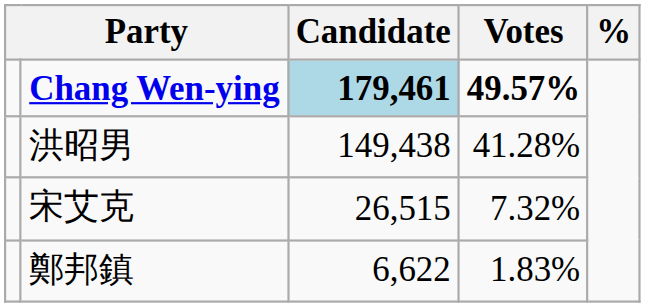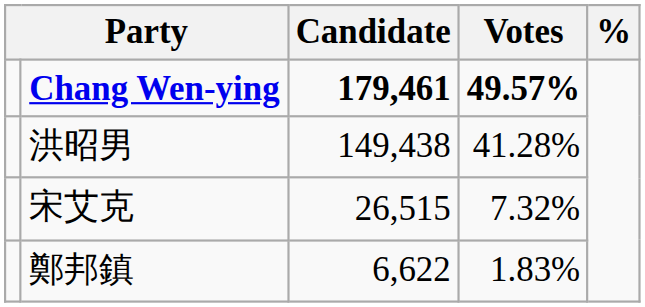 <table class="wikitable">
 <tr>
 <th colspan="2">Party</th>
 <th>Candidate</th>
 <th>Votes</th>
 <th>%</th>
 </tr>
 <tr>
 <td></td>
 <td><strong><a href='#'>Chang Wen-ying</a></strong></td>
-<td align="right" style="background: lightblue;"><strong>179,461</strong></td>
+<td align="right"><strong>179,461</strong></td>
 <td align="right"><strong>49.57%</strong></td>
 </tr>
 <tr>
 <td></td>
 <td>洪昭男</td>
 <td align="right">149,438</td>
 <td align="right">41.28%</td>
 </tr>
 <tr>
 <td></td>
 <td>宋艾克</td>
 <td align="right">26,515</td>
 <td align="right">7.32%</td>
 </tr>
 <tr>
 <td></td>
 <td>鄭邦鎮</td>
 <td align="right">6,622</td>
 <td align="right">1.83%</td>
 </tr>
 </table>
